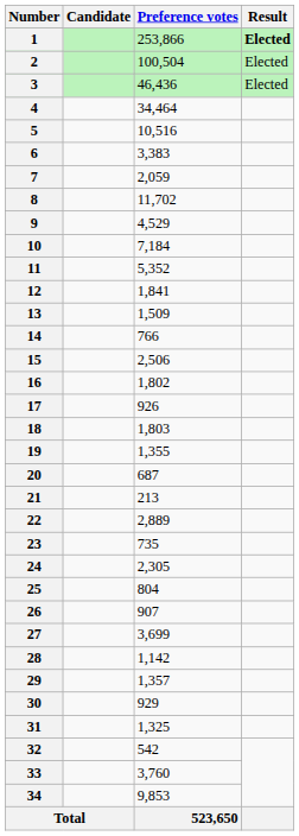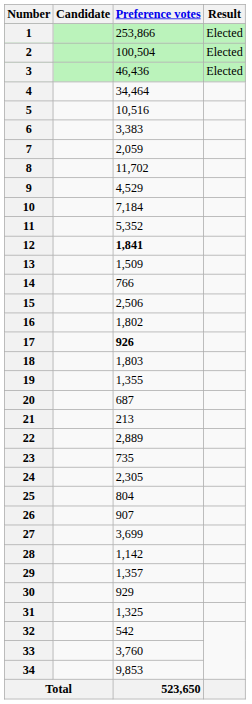 <table class="wikitable sortable" >
 <tr>
 <th scope="col">Number</th>
 <th scope="col">Candidate</th>
 <th scope="col"><a href='#'>Preference votes</a></th>
 <th scope="col">Result</th>
 </tr>
 <tr bgcolor=bbf3bb>
 <th scope="row">1</th>
 <td style="text-align:left"></td>
 <td>253,866</td>
-<td><strong>Elected</strong></td>
+<td>Elected</td>
 </tr>
 <tr bgcolor=bbf3bb>
 <th scope="row">2</th>
 <td style="text-align:left"></td>
 <td>100,504</td>
 <td>Elected</td>
 </tr>
 <tr bgcolor=bbf3bb>
 <th scope="row">3</th>
 <td style="text-align:left"></td>
 <td>46,436</td>
 <td>Elected</td>
 </tr>
 <tr>
 <th scope="row">4</th>
 <td style="text-align:left"></td>
 <td>34,464</td>
 <td></td>
 </tr>
 <tr>
 <th scope="row">5</th>
 <td style="text-align:left"></td>
 <td>10,516</td>
 <td></td>
 </tr>
 <tr>
 <th scope="row">6</th>
 <td style="text-align:left"></td>
 <td>3,383</td>
 <td></td>
 </tr>
 <tr>
 <th scope="row">7</th>
 <td style="text-align:left"></td>
 <td>2,059</td>
 <td></td>
 </tr>
 <tr>
 <th scope="row">8</th>
 <td style="text-align:left"></td>
 <td>11,702</td>
 <td></td>
 </tr>
 <tr>
 <th scope="row">9</th>
 <td style="text-align:left"></td>
 <td>4,529</td>
 <td></td>
 </tr>
 <tr>
 <th scope="row">10</th>
 <td style="text-align:left"></td>
 <td>7,184</td>
 <td></td>
 </tr>
 <tr>
 <th scope="row">11</th>
 <td style="text-align:left"></td>
 <td>5,352</td>
 <td></td>
 </tr>
 <tr>
 <th scope="row">12</th>
 <td style="text-align:left"></td>
-<td>1,841</td>
+<td><strong>1,841</strong></td>
 <td></td>
 </tr>
 <tr>
 <th scope="row">13</th>
 <td style="text-align:left"></td>
 <td>1,509</td>
 <td></td>
 </tr>
 <tr>
 <th scope="row">14</th>
 <td style="text-align:left"></td>
 <td>766</td>
 <td></td>
 </tr>
 <tr>
 <th scope="row">15</th>
 <td style="text-align:left"></td>
 <td>2,506</td>
 <td></td>
 </tr>
 <tr>
 <th scope="row">16</th>
 <td style="text-align:left"></td>
 <td>1,802</td>
 <td></td>
 </tr>
 <tr>
 <th scope="row">17</th>
 <td style="text-align:left"></td>
-<td>926</td>
+<td><strong>926</strong></td>
 <td></td>
 </tr>
 <tr>
 <th scope="row">18</th>
 <td style="text-align:left"></td>
 <td>1,803</td>
 <td></td>
 </tr>
 <tr>
 <th scope="row">19</th>
 <td style="text-align:left"></td>
 <td>1,355</td>
 <td></td>
 </tr>
 <tr>
 <th scope="row">20</th>
 <td style="text-align:left"></td>
 <td>687</td>
 <td></td>
 </tr>
 <tr>
 <th scope="row">21</th>
 <td style="text-align:left"></td>
 <td>213</td>
 <td></td>
 </tr>
 <tr>
 <th scope="row">22</th>
 <td style="text-align:left"></td>
 <td>2,889</td>
 <td></td>
 </tr>
 <tr>
 <th scope="row">23</th>
 <td style="text-align:left"></td>
 <td>735</td>
 <td></td>
 </tr>
 <tr>
 <th scope="row">24</th>
 <td style="text-align:left"></td>
 <td>2,305</td>
 <td></td>
 </tr>
 <tr>
 <th scope="row">25</th>
 <td style="text-align:left"></td>
 <td>804</td>
 <td></td>
 </tr>
 <tr>
 <th scope="row">26</th>
 <td style="text-align:left"></td>
 <td>907</td>
 <td></td>
 </tr>
 <tr>
 <th scope="row">27</th>
 <td style="text-align:left"></td>
 <td>3,699</td>
 <td></td>
 </tr>
 <tr>
 <th scope="row">28</th>
 <td style="text-align:left"></td>
 <td>1,142</td>
 <td></td>
 </tr>
 <tr>
 <th scope="row">29</th>
 <td style="text-align:left"></td>
 <td>1,357</td>
 </tr>
 <tr>
 <th scope="row">30</th>
 <td style="text-align:left"></td>
 <td>929</td>
 <td></td>
 </tr>
 <tr>
 <th scope="row">31</th>
 <td style="text-align:left"></td>
 <td>1,325</td>
 <td></td>
 </tr>
 <tr>
 <th scope="row">32</th>
 <td style="text-align:left"></td>
 <td>542</td>
 </tr>
 <tr>
 <th scope="row">33</th>
 <td style="text-align:left"></td>
 <td>3,760</td>
 </tr>
 <tr>
 <th scope="row">34</th>
 <td style="text-align:left"></td>
 <td>9,853</td>
 </tr>
 <tr class="sortbottom">
 <th scope="row"  colspan="2">Total</th>
 <th style="text-align:right">523,650</th>
 <th></th>
 </tr>
 </table>
